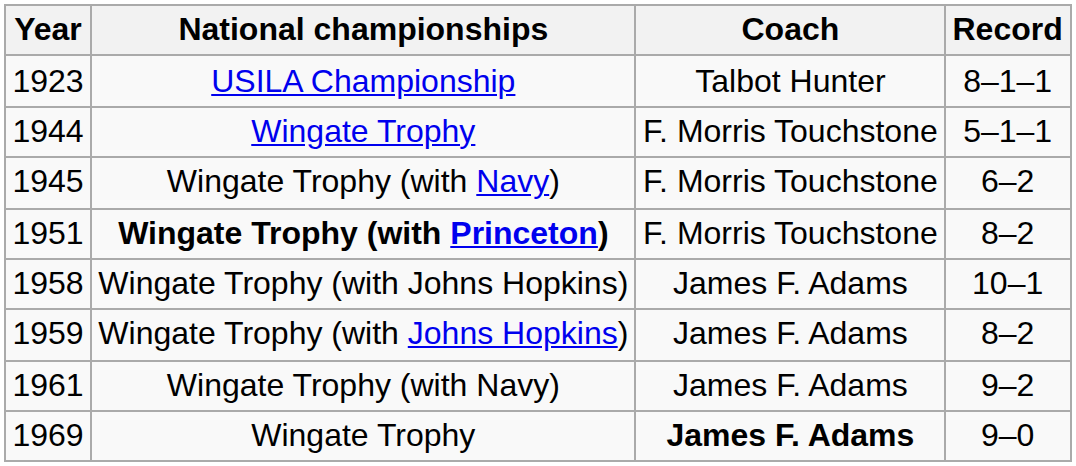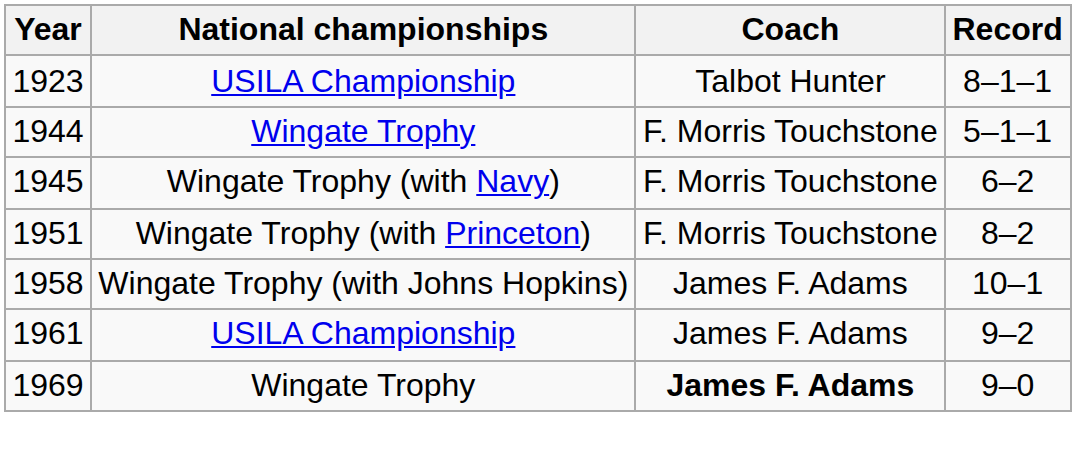 <table class= "wikitable">
 <tr>
 <th>Year</th>
 <th>National championships</th>
 <th>Coach</th>
 <th>Record</th>
 </tr>
 <tr align="center">
 <td>1923</td>
 <td><a href='#'>USILA Championship</a></td>
 <td>Talbot Hunter</td>
 <td>8–1–1</td>
 </tr>
 <tr align="center">
 <td>1944</td>
 <td><a href='#'>Wingate Trophy</a></td>
 <td>F. Morris Touchstone</td>
 <td>5–1–1</td>
 </tr>
 <tr align="center">
 <td>1945</td>
 <td>Wingate Trophy (with <a href='#'>Navy</a>)</td>
 <td>F. Morris Touchstone</td>
 <td>6–2</td>
 </tr>
 <tr align="center">
 <td>1951</td>
-<td><strong>Wingate Trophy (with <a href='#'>Princeton</a>)</strong></td>
+<td>Wingate Trophy (with <a href='#'>Princeton</a>)</td>
 <td>F. Morris Touchstone</td>
 <td>8–2</td>
 </tr>
 <tr align="center">
 <td>1958</td>
 <td>Wingate Trophy (with Johns Hopkins)</td>
 <td>James F. Adams</td>
 <td>10–1</td>
 </tr>
 <tr align="center">
-<td>1959</td>
-<td>Wingate Trophy (with <a href='#'>Johns Hopkins</a>)</td>
-<td>James F. Adams</td>
-<td>8–2</td>
-</tr>
-<tr align="center">
 <td>1961</td>
-<td>Wingate Trophy (with Navy)</td>
+<td><a href='#'>USILA Championship</a></td>
 <td>James F. Adams</td>
 <td>9–2</td>
 </tr>
 <tr align="center">
 <td>1969</td>
 <td>Wingate Trophy</td>
 <td><strong>James F. Adams</strong></td>
 <td>9–0</td>
 </tr>
 <tr align="center">
 </tr>
 </table>
